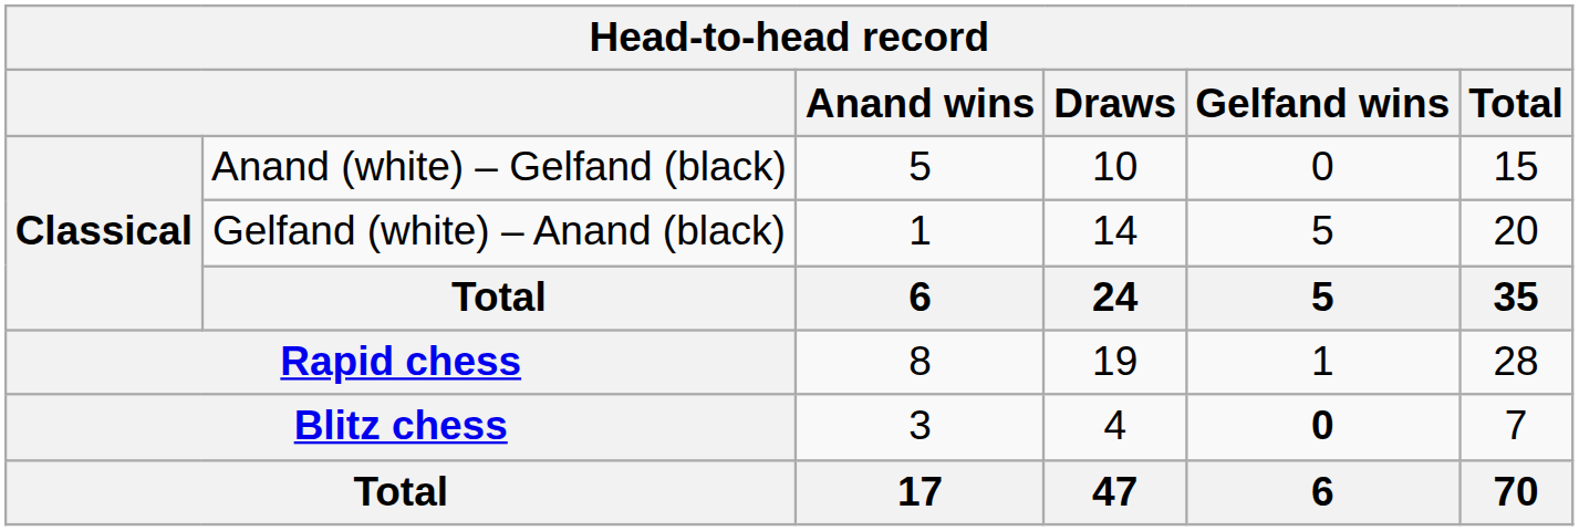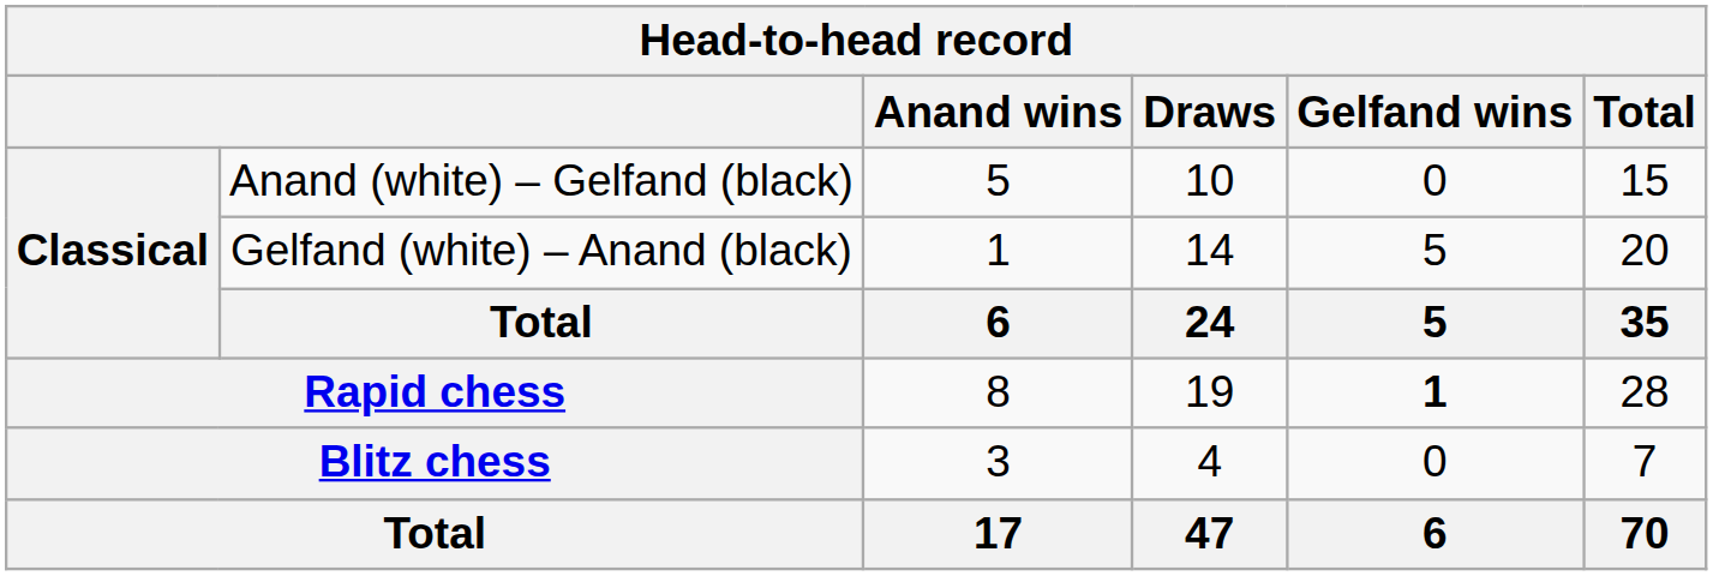 <table class="wikitable">
 <tr>
 <th colspan=6>Head-to-head record</th>
 </tr>
 <tr>
 <th colspan=2></th>
 <th>Anand wins</th>
 <th>Draws</th>
 <th>Gelfand wins</th>
 <th>Total</th>
 </tr>
 <tr align=center>
 <th rowspan=3>Classical</th>
 <td>Anand (white) – Gelfand (black)</td>
 <td>5</td>
 <td>10</td>
 <td>0</td>
 <td>15</td>
 </tr>
 <tr align=center>
 <td>Gelfand (white) – Anand (black)</td>
 <td>1</td>
 <td>14</td>
 <td>5</td>
 <td>20</td>
 </tr>
 <tr>
 <th>Total</th>
 <th>6</th>
 <th>24</th>
 <th>5</th>
 <th>35</th>
 </tr>
 <tr align=center>
 <th colspan=2><a href='#'>Rapid chess</a></th>
 <td>8</td>
 <td>19</td>
-<td>1</td>
+<td><strong>1</strong></td>
 <td>28</td>
 </tr>
 <tr align=center>
 <th colspan=2><a href='#'>Blitz chess</a></th>
 <td>3</td>
 <td>4</td>
-<td><strong>0</strong></td>
+<td>0</td>
 <td>7</td>
 </tr>
 <tr>
 <th colspan=2>Total</th>
 <th>17</th>
 <th>47</th>
 <th>6</th>
 <th>70</th>
 </tr>
 </table>
